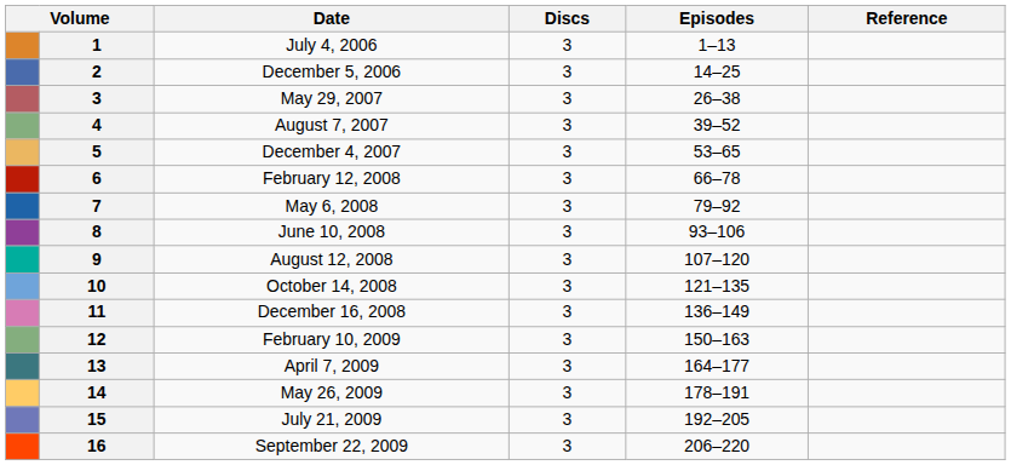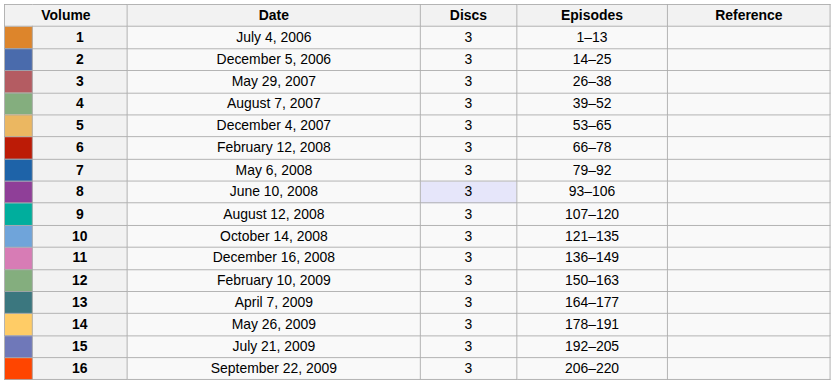 <table class="wikitable" style="text-align: center; width: 60%;">
 <tr>
 <th colspan="2">Volume</th>
 <th scope="col">Date</th>
 <th scope="col">Discs</th>
 <th scope="col">Episodes</th>
 <th scope="col">Reference</th>
 </tr>
 <tr>
 <td style="background: #DD852B;"></td>
 <th scope="row">1</th>
 <td>July 4, 2006</td>
 <td>3</td>
 <td>1–13</td>
 <td></td>
 </tr>
 <tr>
 <td style="background: #4A6BAC;"></td>
 <th scope="row">2</th>
 <td>December 5, 2006</td>
 <td>3</td>
 <td>14–25</td>
 <td></td>
 </tr>
 <tr>
 <td style="background: #B45C62;"></td>
 <th scope="row">3</th>
 <td>May 29, 2007</td>
 <td>3</td>
 <td>26–38</td>
 <td></td>
 </tr>
 <tr>
 <td style="background: #84AE7E;"></td>
 <th scope="row">4</th>
 <td>August 7, 2007</td>
 <td>3</td>
 <td>39–52</td>
 <td></td>
 </tr>
 <tr>
 <td style="background: #EBB761;"></td>
 <th scope="row">5</th>
 <td>December 4, 2007</td>
 <td>3</td>
 <td>53–65</td>
 <td></td>
 </tr>
 <tr>
 <td style="background: #BC1B06;"></td>
 <th scope="row">6</th>
 <td>February 12, 2008</td>
 <td>3</td>
 <td>66–78</td>
 <td></td>
 </tr>
 <tr>
 <td style="background: #1E63A8;"></td>
 <th scope="row">7</th>
 <td>May 6, 2008</td>
 <td>3</td>
 <td>79–92</td>
 <td></td>
 </tr>
 <tr>
 <td style="background: #8F3F98;"></td>
 <th scope="row">8</th>
 <td>June 10, 2008</td>
-<td>3</td>
+<td style="background: lavender;">3</td>
 <td>93–106</td>
 <td></td>
 </tr>
 <tr>
 <td style="background: #00AE9D;"></td>
 <th scope="row">9</th>
 <td>August 12, 2008</td>
 <td>3</td>
 <td>107–120</td>
 <td></td>
 </tr>
 <tr>
 <td style="background: #6FA4DA;"></td>
 <th scope="row">10</th>
 <td>October 14, 2008</td>
 <td>3</td>
 <td>121–135</td>
 <td></td>
 </tr>
 <tr>
 <td style="background: #D77CB5;"></td>
 <th scope="row">11</th>
 <td>December 16, 2008</td>
 <td>3</td>
 <td>136–149</td>
 <td></td>
 </tr>
 <tr>
 <td style="background: #84AE7E;"></td>
 <th scope="row">12</th>
 <td>February 10, 2009</td>
 <td>3</td>
 <td>150–163</td>
 <td></td>
 </tr>
 <tr>
 <td style="background: #3B777F;"></td>
 <th scope="row">13</th>
 <td>April 7, 2009</td>
 <td>3</td>
 <td>164–177</td>
 <td></td>
 </tr>
 <tr>
 <td style="background:#fc6;"></td>
 <th scope="row">14</th>
 <td>May 26, 2009</td>
 <td>3</td>
 <td>178–191</td>
 <td></td>
 </tr>
 <tr>
 <td style="background: #6F78B9;"></td>
 <th scope="row">15</th>
 <td>July 21, 2009</td>
 <td>3</td>
 <td>192–205</td>
 <td></td>
 </tr>
 <tr>
 <td style="background: #FF4500;"></td>
 <th scope="row">16</th>
 <td>September 22, 2009</td>
 <td>3</td>
 <td>206–220</td>
 <td></td>
 </tr>
 </table>
